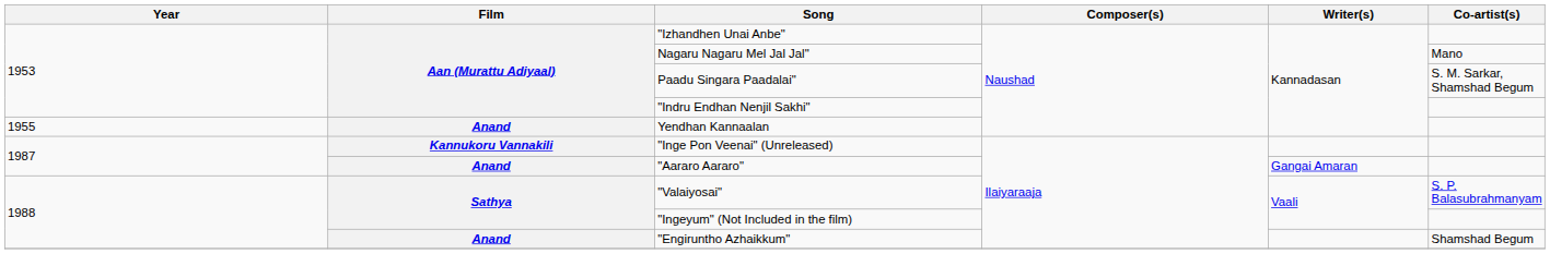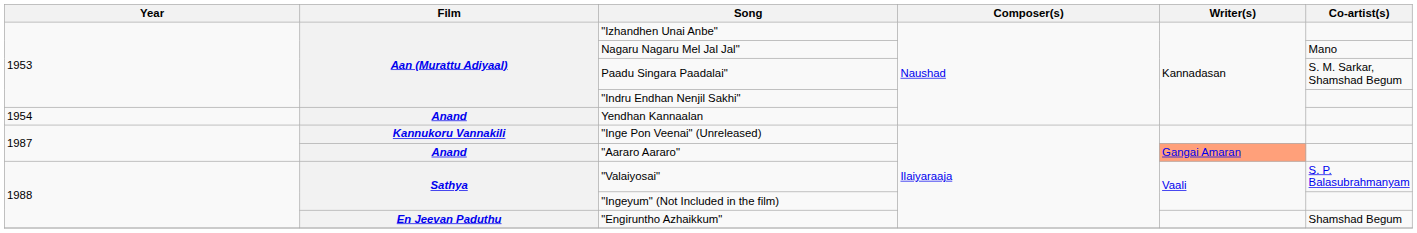 <table class="wikitable plainrowheaders" style="width:100%; textcolor:#000">
 <tr style="background:#b0e0e66;">
 <th scope="col" style="width:23%;"><strong>Year</strong></th>
 <th scope="col" style="width:23%;"><strong>Film</strong></th>
 <th scope="col" style="width:23%;"><strong>Song</strong></th>
 <th scope="col" style="width:20%;"><strong>Composer(s)</strong></th>
 <th scope="col" style="width:16%;"><strong>Writer(s)</strong></th>
 <th scope="col" style="width:18%;"><strong>Co-artist(s)</strong></th>
 </tr>
 <tr>
 <td rowspan=4>1953</td>
 <th rowspan="4"><em><a href='#'>Aan (Murattu Adiyaal)</a></em></th>
 <td>"Izhandhen Unai Anbe"</td>
 <td rowspan=5><a href='#'>Naushad</a></td>
 <td rowspan=5>Kannadasan</td>
 <td></td>
 </tr>
 <tr>
 <td>Nagaru Nagaru Mel Jal Jal"</td>
 <td>Mano</td>
 </tr>
 <tr>
 <td>Paadu Singara Paadalai"</td>
 <td>S. M. Sarkar, Shamshad Begum</td>
 </tr>
 <tr>
 <td>"Indru Endhan Nenjil Sakhi"</td>
 <td></td>
 </tr>
 <tr>
-<td>1955</td>
+<td>1954</td>
 <th><em><a href='#'>Anand</a></em></th>
 <td>Yendhan Kannaalan</td>
 <td></td>
 </tr>
 <tr>
 <td rowspan=2>1987</td>
 <th><em><a href='#'>Kannukoru Vannakili</a></em></th>
 <td>"Inge Pon Veenai" (Unreleased)</td>
 <td rowspan=5><a href='#'>Ilaiyaraaja</a></td>
 <td></td>
 <td></td>
 </tr>
 <tr>
 <th><em><a href='#'>Anand</a></em></th>
 <td>"Aararo Aararo"</td>
-<td><a href='#'>Gangai Amaran</a></td>
+<td style="background: lightsalmon;"><a href='#'>Gangai Amaran</a></td>
 </tr>
 <tr>
 <td rowspan=3>1988</td>
 <th rowspan=2><em><a href='#'>Sathya</a></em></th>
 <td>"Valaiyosai"</td>
 <td rowspan=2><a href='#'>Vaali</a></td>
 <td><a href='#'>S. P. Balasubrahmanyam</a></td>
 </tr>
 <tr>
 <td>"Ingeyum" (Not Included in the film)</td>
 </tr>
 <tr>
-<th><em><a href='#'>Anand</a></em></th>
+<th><em><a href='#'>En Jeevan Paduthu</a></em></th>
 <td>"Engiruntho Azhaikkum"</td>
 <td></td>
 <td>Shamshad Begum</td>
 </tr>
 <tr>
 </tr>
 </table>
